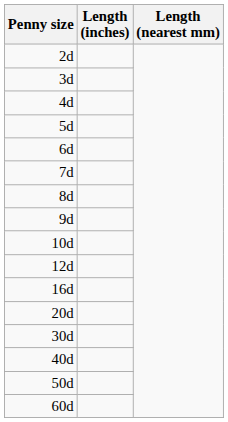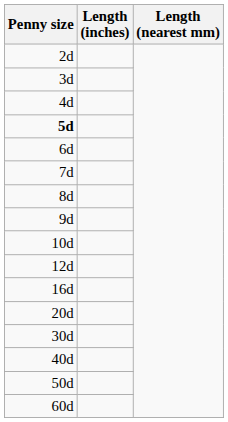 <table class="wikitable" style="text-align: right">
 <tr>
 <th>Penny size</th>
 <th>Length<br>(inches)</th>
 <th>Length<br>(nearest mm)</th>
 </tr>
 <tr>
 <td>2d</td>
 <td></td>
 </tr>
 <tr>
 <td>3d</td>
 <td></td>
 </tr>
 <tr>
 <td>4d</td>
 <td></td>
 </tr>
 <tr>
-<td>5d</td>
+<td><strong>5d</strong></td>
 <td></td>
 </tr>
 <tr>
 <td>6d</td>
 <td></td>
 </tr>
 <tr>
 <td>7d</td>
 <td></td>
 </tr>
 <tr>
 <td>8d</td>
 <td></td>
 </tr>
 <tr>
 <td>9d</td>
 <td></td>
 </tr>
 <tr>
 <td>10d</td>
 <td></td>
 </tr>
 <tr>
 <td>12d</td>
 <td></td>
 </tr>
 <tr>
 <td>16d</td>
 <td></td>
 </tr>
 <tr>
 <td>20d</td>
 <td></td>
 </tr>
 <tr>
 <td>30d</td>
 <td></td>
 </tr>
 <tr>
 <td>40d</td>
 <td></td>
 </tr>
 <tr>
 <td>50d</td>
 <td></td>
 </tr>
 <tr>
 <td>60d</td>
 <td></td>
 </tr>
 </table>
